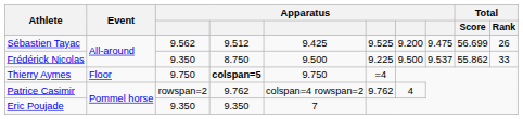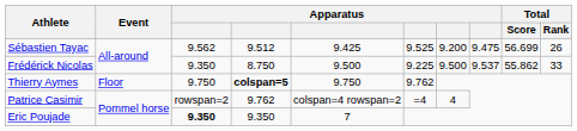 <table class=wikitable style=font-size:90%;text-align:center>
 <tr>
 <th rowspan=2>Athlete</th>
 <th rowspan=2>Event</th>
 <th colspan=6>Apparatus</th>
 <th colspan=2>Total</th>
 </tr>
 <tr style=font-size:95%>
 <th></th>
 <th></th>
 <th></th>
 <th></th>
 <th></th>
 <th></th>
 <th>Score</th>
 <th>Rank</th>
 </tr>
 <tr>
 <td align=left><a href='#'>Sébastien Tayac</a></td>
 <td align=left rowspan=2><a href='#'>All-around</a></td>
 <td>9.562</td>
 <td>9.512</td>
 <td>9.425</td>
 <td>9.525</td>
 <td>9.200</td>
 <td>9.475</td>
 <td>56.699</td>
 <td>26</td>
 </tr>
 <tr>
 <td align=left><a href='#'>Frédérick Nicolas</a></td>
 <td>9.350</td>
 <td>8.750</td>
 <td>9.500</td>
 <td>9.225</td>
 <td>9.500</td>
 <td>9.537</td>
 <td>55.862</td>
 <td>33</td>
 </tr>
 <tr>
 <td align=left><a href='#'>Thierry Aymes</a></td>
 <td align=left rowspan=1><a href='#'>Floor</a></td>
 <td>9.750</td>
 <td><strong>colspan=5 </strong></td>
 <td>9.750</td>
-<td>=4</td>
+<td>9.762</td>
 </tr>
 <tr>
 <td align=left><a href='#'>Patrice Casimir</a></td>
 <td align=left rowspan=2><a href='#'>Pommel horse</a></td>
 <td>rowspan=2 </td>
 <td>9.762</td>
 <td>colspan=4 rowspan=2 </td>
-<td>9.762</td>
+<td>=4</td>
 <td>4</td>
 </tr>
 <tr>
 <td align=left><a href='#'>Eric Poujade</a></td>
-<td>9.350</td>
+<td><strong>9.350</strong></td>
 <td>9.350</td>
 <td>7</td>
 </tr>
 </table>
